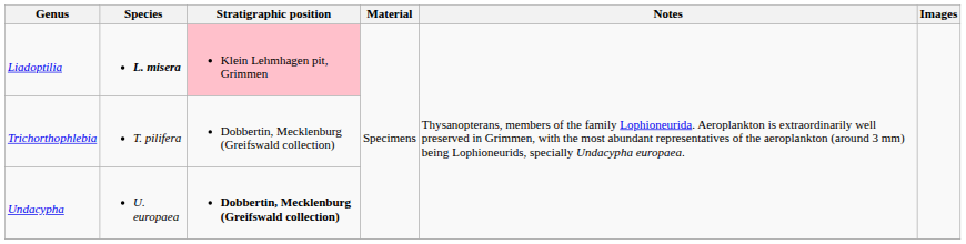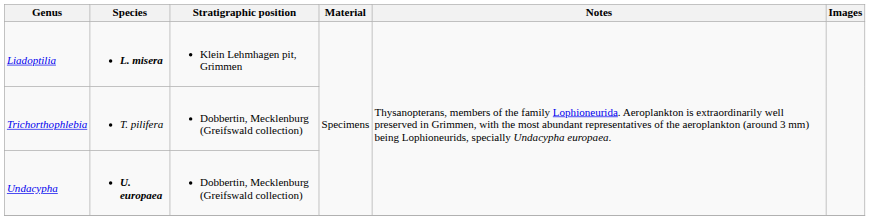 <table class = "wikitable">
 <tr>
 <th>Genus</th>
 <th>Species</th>
 <th>Stratigraphic position</th>
 <th>Material</th>
 <th>Notes</th>
 <th>Images</th>
 </tr>
 <tr>
 <td><br><em><a href='#'>Liadoptilia</a></em></td>
 <td><strong><br><ul><li><em>L. misera</em></li></ul></strong></td>
-<td style="background: pink;"><br><ul><li>Klein Lehmhagen pit, Grimmen</li></ul></td>
+<td><br><ul><li>Klein Lehmhagen pit, Grimmen</li></ul></td>
 <td rowspan="3"><br>Specimens</td>
 <td rowspan="3"><br>Thysanopterans, members of the family <a href='#'>Lophioneurida</a>. Aeroplankton is extraordinarily well preserved in Grimmen, with the most abundant representatives of the aeroplankton (around 3 mm) being Lophioneurids, specially <em>Undacypha europaea</em>.</td>
 <td rowspan="3"><br></td>
 </tr>
 <tr>
 <td><br><em><a href='#'>Trichorthophlebia</a></em></td>
 <td><br><ul><li><em>T. pilifera</em></li></ul></td>
 <td><br><ul><li>Dobbertin, Mecklenburg (Greifswald collection)</li></ul></td>
 </tr>
 <tr>
 <td><br><em><a href='#'>Undacypha</a></em></td>
-<td><br><ul><li><em>U. europaea</em></li></ul></td>
-<td><strong><br><ul><li>Dobbertin, Mecklenburg (Greifswald collection)</li></ul></strong></td>
+<td><strong><br><ul><li><em>U. europaea</em></li></ul></strong></td>
+<td><br><ul><li>Dobbertin, Mecklenburg (Greifswald collection)</li></ul></td>
 </tr>
 <tr>
 </tr>
 </table>
